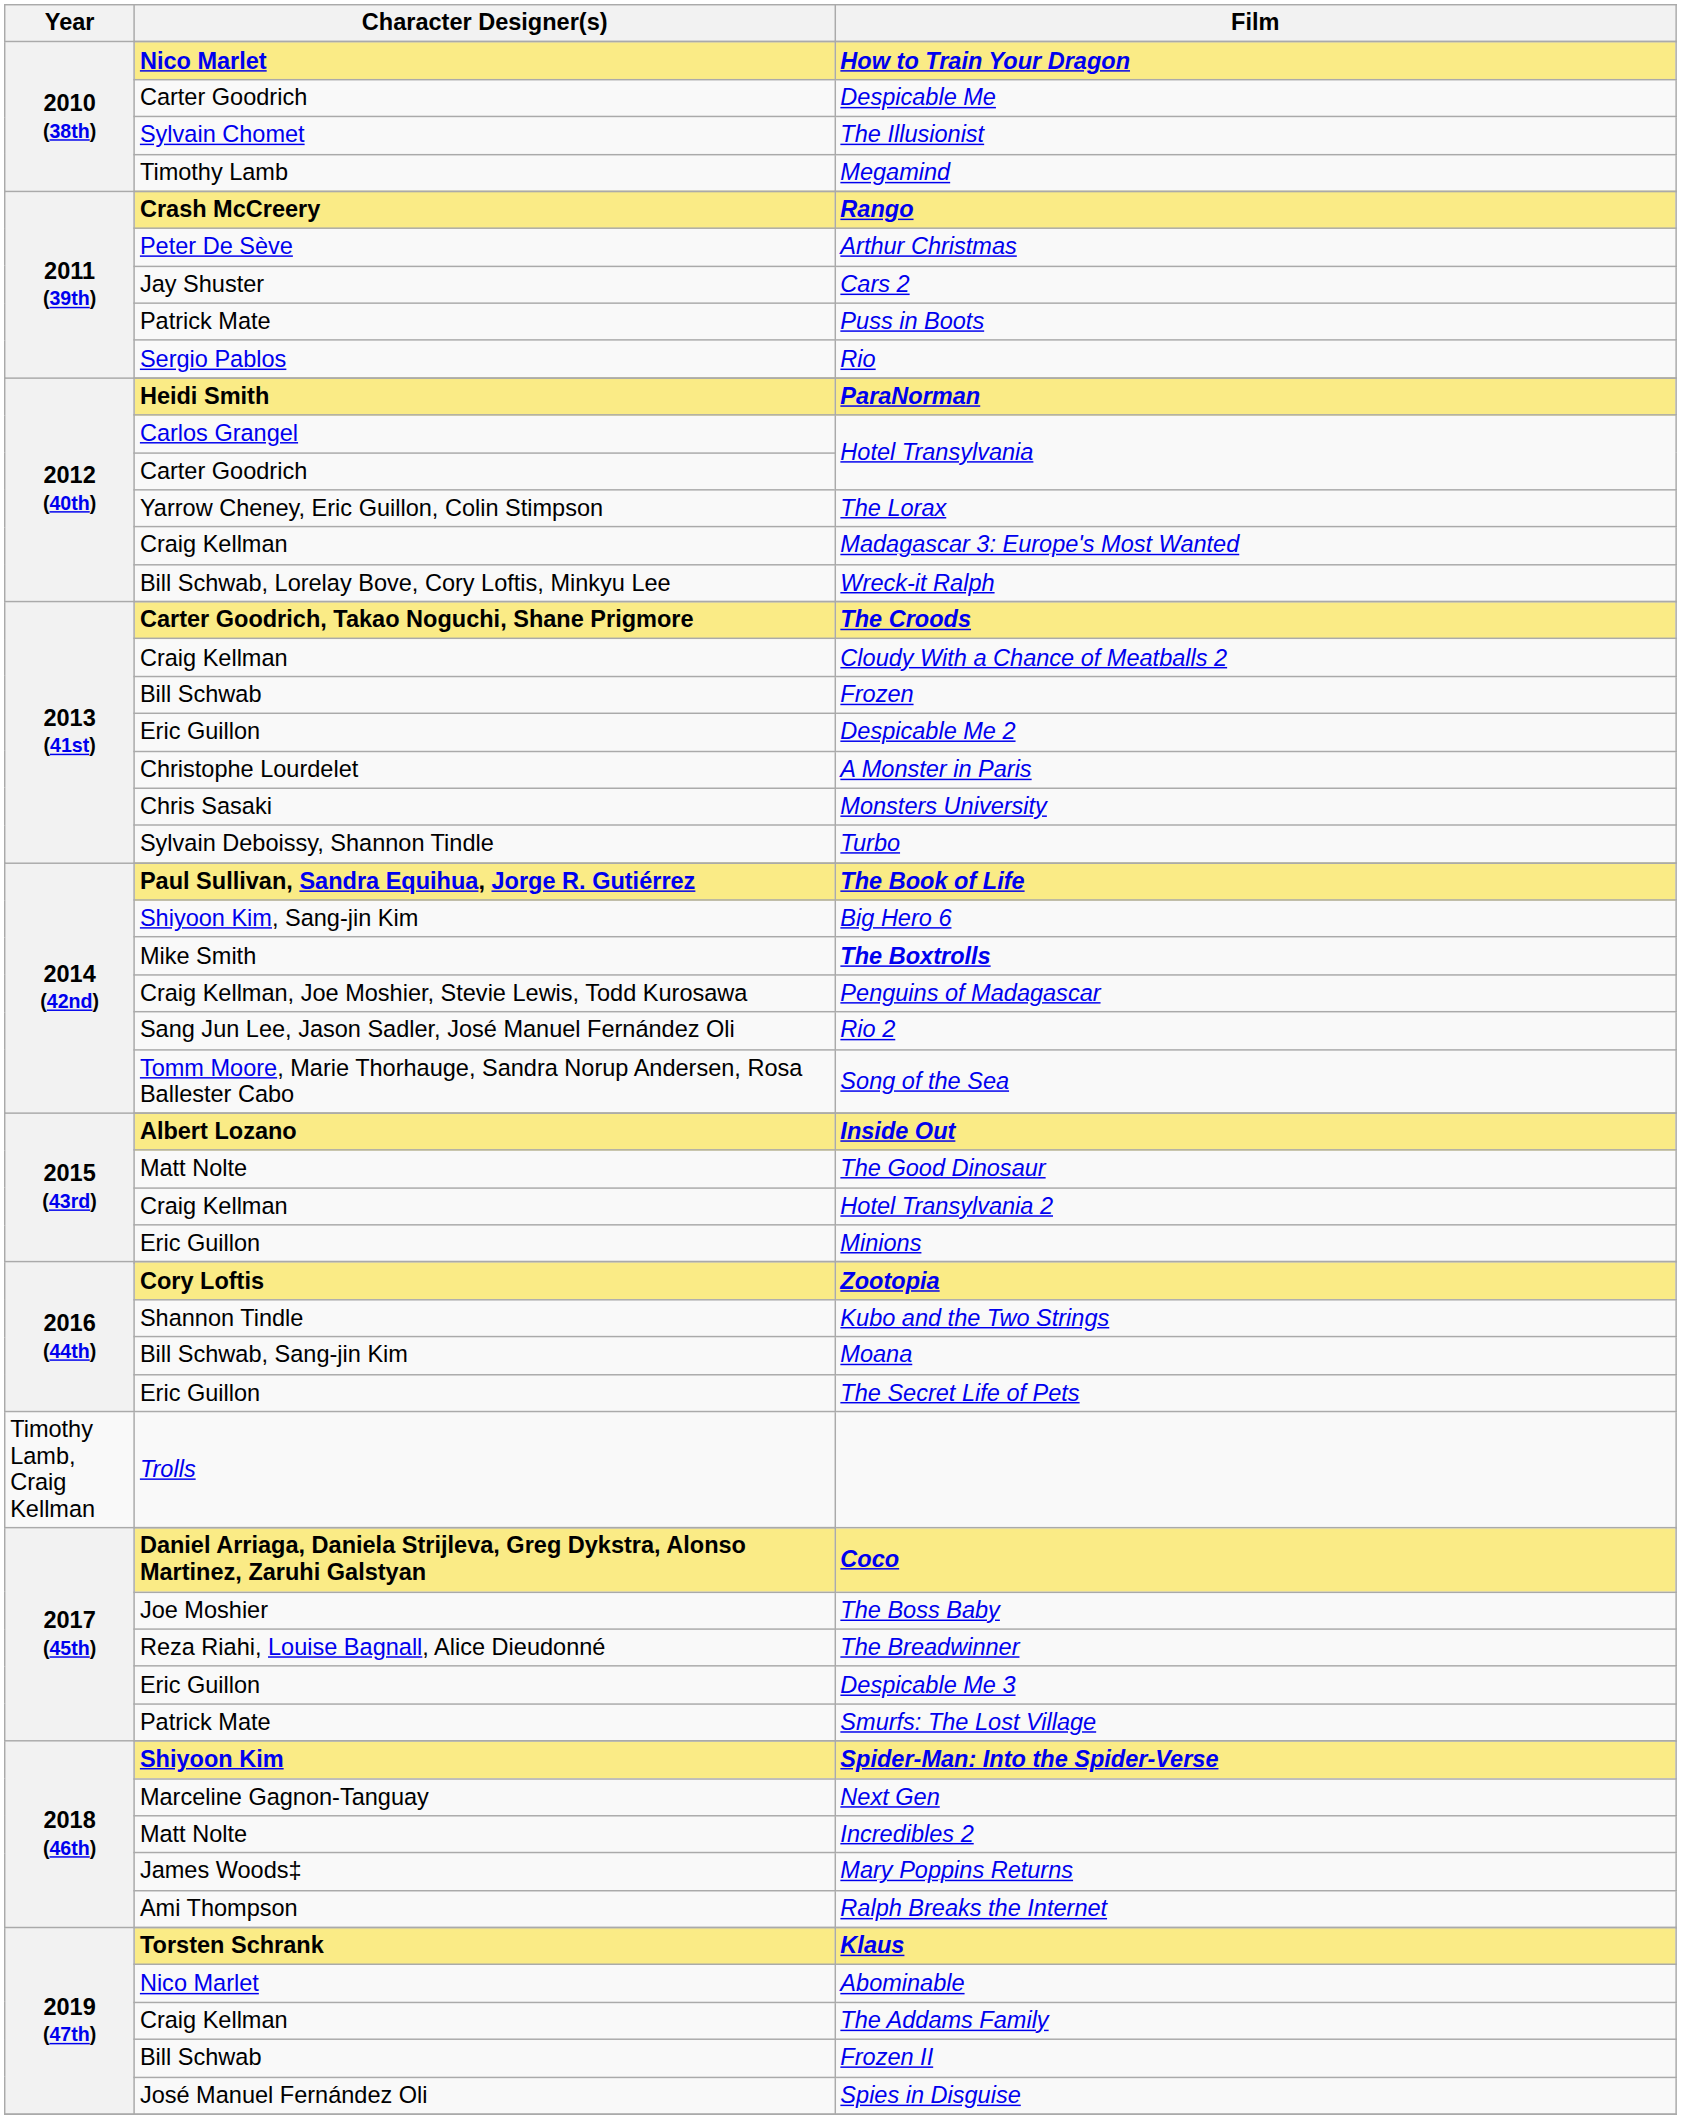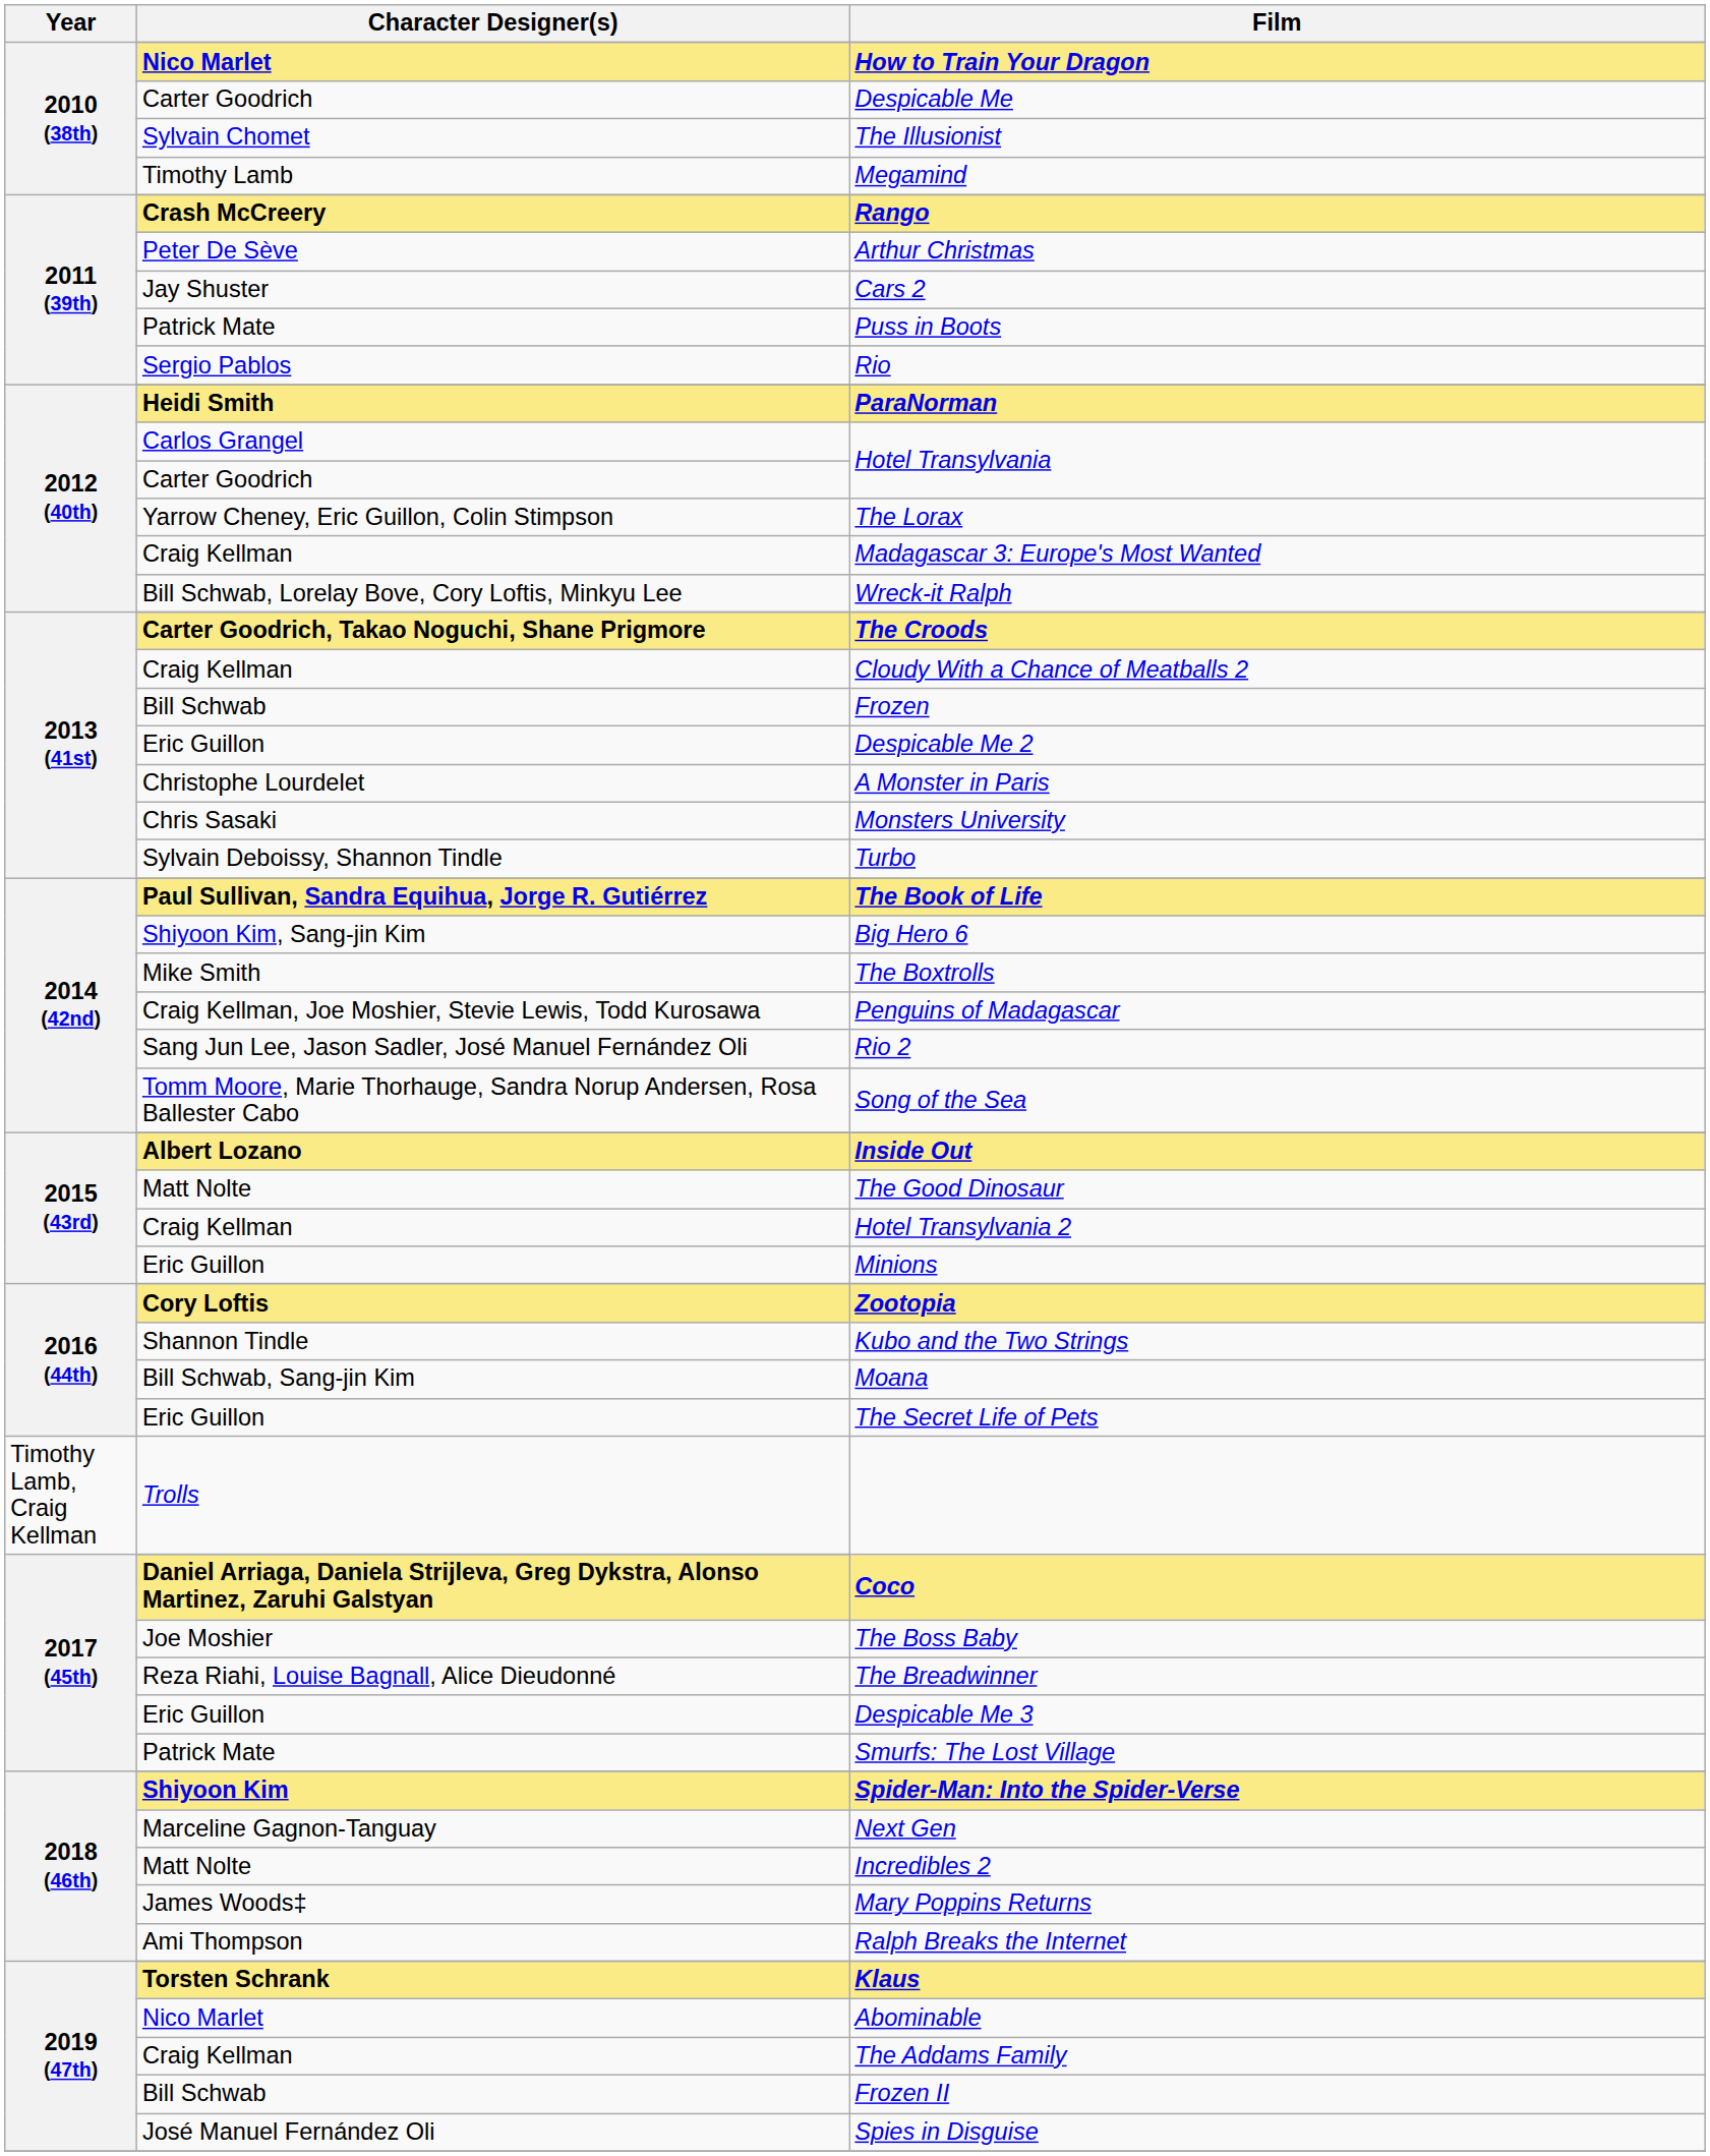 <table class="wikitable" style="width:90%;">
 <tr>
 <th style="width:3%;">Year</th>
 <th style="width:25%;">Character Designer(s)</th>
 <th style="width:30%;">Film</th>
 </tr>
 <tr>
 <th rowspan="5" style="text-align:center;">2010 <br><small>(<a href='#'>38th</a>)</small><br></th>
 </tr>
 <tr>
 <td style="background:#FAEB86;"><strong><a href='#'>Nico Marlet</a></strong></td>
 <td style="background:#FAEB86;"><strong><em><a href='#'>How to Train Your Dragon</a></em></strong></td>
 </tr>
 <tr>
 <td>Carter Goodrich</td>
 <td><em><a href='#'>Despicable Me</a></em></td>
 </tr>
 <tr>
 <td><a href='#'>Sylvain Chomet</a></td>
 <td><a href='#'><em>The Illusionist</em></a></td>
 </tr>
 <tr>
 <td>Timothy Lamb</td>
 <td><em><a href='#'>Megamind</a></em></td>
 </tr>
 <tr>
 <th rowspan="6" style="text-align:center;">2011 <br><small>(<a href='#'>39th</a>)</small><br></th>
 </tr>
 <tr>
 <td style="background:#FAEB86;"><strong>Crash McCreery</strong></td>
 <td style="background:#FAEB86;"><strong><em><a href='#'>Rango</a></em></strong></td>
 </tr>
 <tr>
 <td><a href='#'>Peter De Sève</a></td>
 <td><em><a href='#'>Arthur Christmas</a></em></td>
 </tr>
 <tr>
 <td>Jay Shuster</td>
 <td><em><a href='#'>Cars 2</a></em></td>
 </tr>
 <tr>
 <td>Patrick Mate</td>
 <td><a href='#'><em>Puss in Boots</em></a></td>
 </tr>
 <tr>
 <td><a href='#'>Sergio Pablos</a></td>
 <td><em><a href='#'>Rio</a></em></td>
 </tr>
 <tr>
 <th rowspan="7" style="text-align:center;">2012 <br><small>(<a href='#'>40th</a>)</small><br></th>
 </tr>
 <tr>
 <td style="background:#FAEB86;"><strong>Heidi Smith</strong></td>
 <td style="background:#FAEB86;"><strong><em><a href='#'>ParaNorman</a></em></strong></td>
 </tr>
 <tr>
 <td><a href='#'>Carlos Grangel</a></td>
 <td rowspan="2"><em><a href='#'>Hotel Transylvania</a></em></td>
 </tr>
 <tr>
 <td>Carter Goodrich</td>
 </tr>
 <tr>
 <td>Yarrow Cheney, Eric Guillon, Colin Stimpson</td>
 <td><a href='#'><em>The Lorax</em></a></td>
 </tr>
 <tr>
 <td>Craig Kellman</td>
 <td><em><a href='#'>Madagascar 3: Europe's Most Wanted</a></em></td>
 </tr>
 <tr>
 <td>Bill Schwab, Lorelay Bove, Cory Loftis, Minkyu Lee</td>
 <td><a href='#'><em>Wreck-it Ralph</em></a></td>
 </tr>
 <tr>
 <th rowspan="8" style="text-align:center;">2013 <br><small>(<a href='#'>41st</a>)</small><br></th>
 </tr>
 <tr>
 <td style="background:#FAEB86;"><strong>Carter Goodrich, Takao Noguchi, Shane Prigmore</strong></td>
 <td style="background:#FAEB86;"><strong><em><a href='#'>The Croods</a></em></strong></td>
 </tr>
 <tr>
 <td>Craig Kellman</td>
 <td><em><a href='#'>Cloudy With a Chance of Meatballs 2</a></em></td>
 </tr>
 <tr>
 <td>Bill Schwab</td>
 <td><em><a href='#'>Frozen</a></em></td>
 </tr>
 <tr>
 <td>Eric Guillon</td>
 <td><em><a href='#'>Despicable Me 2</a></em></td>
 </tr>
 <tr>
 <td>Christophe Lourdelet</td>
 <td><em><a href='#'>A Monster in Paris</a></em></td>
 </tr>
 <tr>
 <td>Chris Sasaki</td>
 <td><em><a href='#'>Monsters University</a></em></td>
 </tr>
 <tr>
 <td>Sylvain Deboissy, Shannon Tindle</td>
 <td><a href='#'><em>Turbo</em></a></td>
 </tr>
 <tr>
 <th rowspan="7" style="text-align:center;">2014 <br><small>(<a href='#'>42nd</a>)</small><br></th>
 </tr>
 <tr>
 <td style="background:#FAEB86;"><strong>Paul Sullivan, <a href='#'>Sandra Equihua</a>, <a href='#'>Jorge R. Gutiérrez</a></strong></td>
 <td style="background:#FAEB86;"><strong><em><a href='#'>The Book of Life</a></em></strong></td>
 </tr>
 <tr>
 <td><a href='#'>Shiyoon Kim</a>, Sang-jin Kim</td>
 <td><a href='#'><em>Big Hero 6</em></a></td>
 </tr>
 <tr>
 <td>Mike Smith</td>
-<td><strong><em><a href='#'>The Boxtrolls</a></em></strong></td>
+<td><em><a href='#'>The Boxtrolls</a></em></td>
 </tr>
 <tr>
 <td>Craig Kellman, Joe Moshier, Stevie Lewis, Todd Kurosawa</td>
 <td><em><a href='#'>Penguins of Madagascar</a></em></td>
 </tr>
 <tr>
 <td>Sang Jun Lee, Jason Sadler, José Manuel Fernández Oli</td>
 <td><em><a href='#'>Rio 2</a></em></td>
 </tr>
 <tr>
 <td><a href='#'>Tomm Moore</a>, Marie Thorhauge, Sandra Norup Andersen, Rosa Ballester Cabo</td>
 <td><em><a href='#'>Song of the Sea</a></em></td>
 </tr>
 <tr>
 <th rowspan="5" style="text-align:center;">2015 <br><small>(<a href='#'>43rd</a>)</small><br></th>
 </tr>
 <tr>
 <td style="background:#FAEB86;"><strong>Albert Lozano</strong></td>
 <td style="background:#FAEB86;"><strong><em><a href='#'>Inside Out</a></em></strong></td>
 </tr>
 <tr>
 <td>Matt Nolte</td>
 <td><em><a href='#'>The Good Dinosaur</a></em></td>
 </tr>
 <tr>
 <td>Craig Kellman</td>
 <td><em><a href='#'>Hotel Transylvania 2</a></em></td>
 </tr>
 <tr>
 <td>Eric Guillon</td>
 <td><a href='#'><em>Minions</em></a></td>
 </tr>
 <tr>
 <th rowspan="6" style="text-align:center;">2016 <br><small>(<a href='#'>44th</a>)</small><br></th>
 </tr>
 <tr style="background:#FAEB86;">
 </tr>
 <tr>
 <td style="background:#FAEB86;"><strong>Cory Loftis</strong></td>
 <td style="background:#FAEB86;"><strong><em><a href='#'>Zootopia</a></em></strong></td>
 </tr>
 <tr>
 <td>Shannon Tindle</td>
 <td><em><a href='#'>Kubo and the Two Strings</a></em></td>
 </tr>
 <tr>
 <td>Bill Schwab, Sang-jin Kim</td>
 <td><a href='#'><em>Moana</em></a></td>
 </tr>
 <tr>
 <td>Eric Guillon</td>
 <td><em><a href='#'>The Secret Life of Pets</a></em></td>
 </tr>
 <tr>
 <td>Timothy Lamb, Craig Kellman</td>
 <td><em><a href='#'>Trolls</a></em></td>
 </tr>
 <tr>
 <th rowspan="6" style="text-align:center;">2017 <br><small>(<a href='#'>45th</a>)</small><br></th>
 </tr>
 <tr>
 <td style="background:#FAEB86;"><strong>Daniel Arriaga, Daniela Strijleva, Greg Dykstra, Alonso Martinez, Zaruhi Galstyan</strong></td>
 <td style="background:#FAEB86;"><strong><em><a href='#'>Coco</a></em></strong></td>
 </tr>
 <tr>
 <td>Joe Moshier</td>
 <td><em><a href='#'>The Boss Baby</a></em></td>
 </tr>
 <tr>
 <td>Reza Riahi, <a href='#'>Louise Bagnall</a>, Alice Dieudonné</td>
 <td><a href='#'><em>The Breadwinner</em></a></td>
 </tr>
 <tr>
 <td>Eric Guillon</td>
 <td><em><a href='#'>Despicable Me 3</a></em></td>
 </tr>
 <tr>
 <td>Patrick Mate</td>
 <td><em><a href='#'>Smurfs: The Lost Village</a></em></td>
 </tr>
 <tr>
 <th rowspan="6" style="text-align:center;">2018 <br><small>(<a href='#'>46th</a>)</small><br></th>
 </tr>
 <tr>
 <td style="background:#FAEB86;"><strong><a href='#'>Shiyoon Kim</a></strong></td>
 <td style="background:#FAEB86;"><strong><em><a href='#'>Spider-Man: Into the Spider-Verse</a></em></strong></td>
 </tr>
 <tr>
 <td>Marceline Gagnon-Tanguay</td>
 <td><a href='#'><em>Next Gen</em></a></td>
 </tr>
 <tr>
 <td>Matt Nolte</td>
 <td><em><a href='#'>Incredibles 2</a></em></td>
 </tr>
 <tr>
 <td>James Woods‡</td>
 <td><em><a href='#'>Mary Poppins Returns</a></em></td>
 </tr>
 <tr>
 <td>Ami Thompson</td>
 <td><em><a href='#'>Ralph Breaks the Internet</a></em></td>
 </tr>
 <tr>
 <th rowspan="6" style="text-align:center;">2019 <br><small>(<a href='#'>47th</a>)</small><br></th>
 </tr>
 <tr>
 <td style="background:#FAEB86;"><strong>Torsten Schrank</strong></td>
 <td style="background:#FAEB86;"><strong><em><a href='#'>Klaus</a></em></strong></td>
 </tr>
 <tr>
 <td><a href='#'>Nico Marlet</a></td>
 <td><a href='#'><em>Abominable</em></a></td>
 </tr>
 <tr>
 <td>Craig Kellman</td>
 <td><a href='#'><em>The Addams Family</em></a></td>
 </tr>
 <tr>
 <td>Bill Schwab</td>
 <td><em><a href='#'>Frozen II</a></em></td>
 </tr>
 <tr>
 <td>José Manuel Fernández Oli</td>
 <td><em><a href='#'>Spies in Disguise</a></em></td>
 </tr>
 <tr>
 </tr>
 </table>
